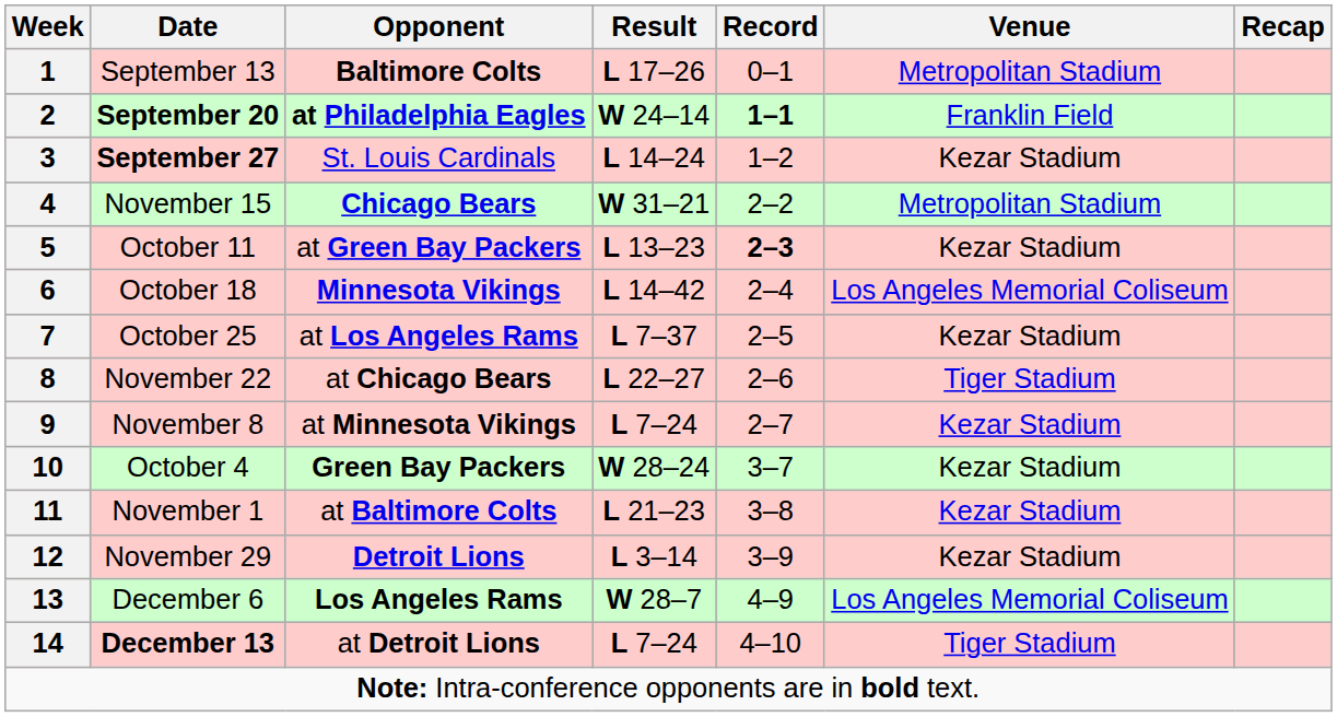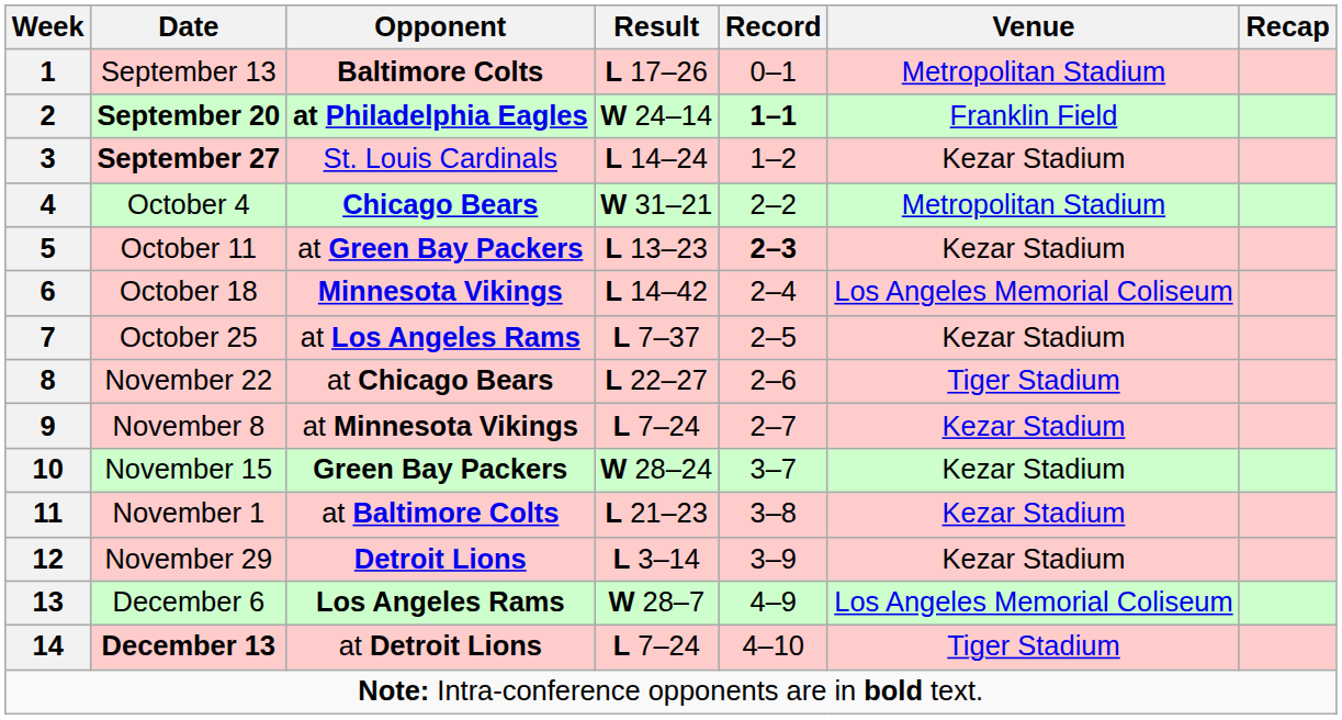 <table class="wikitable" style="text-align:center">
 <tr>
 <th>Week</th>
 <th>Date</th>
 <th>Opponent</th>
 <th>Result</th>
 <th>Record</th>
 <th>Venue</th>
 <th>Recap</th>
 </tr>
 <tr style="background:#fcc">
 <th>1</th>
 <td>September 13</td>
 <td><strong>Baltimore Colts</strong></td>
 <td><strong>L</strong> 17–26</td>
 <td>0–1</td>
 <td><a href='#'>Metropolitan Stadium</a></td>
 <td></td>
 </tr>
 <tr style="background:#cfc">
 <th>2</th>
 <td><strong>September 20</strong></td>
 <td><strong>at <a href='#'>Philadelphia Eagles</a></strong></td>
 <td><strong>W</strong> 24–14</td>
 <td><strong>1–1</strong></td>
 <td><a href='#'>Franklin Field</a></td>
 <td></td>
 </tr>
 <tr style="background:#fcc">
 <th>3</th>
 <td><strong>September 27</strong></td>
 <td><a href='#'>St. Louis Cardinals</a></td>
 <td><strong>L</strong> 14–24</td>
 <td>1–2</td>
 <td>Kezar Stadium</td>
 <td></td>
 </tr>
 <tr style="background:#cfc">
 <th>4</th>
-<td>November 15</td>
+<td>October 4</td>
 <td><strong><a href='#'>Chicago Bears</a></strong></td>
 <td><strong>W</strong> 31–21</td>
 <td>2–2</td>
 <td><a href='#'>Metropolitan Stadium</a></td>
 <td></td>
 </tr>
 <tr style="background:#fcc">
 <th>5</th>
 <td>October 11</td>
 <td>at <strong><a href='#'>Green Bay Packers</a></strong></td>
 <td><strong>L</strong> 13–23</td>
 <td><strong>2–3</strong></td>
 <td>Kezar Stadium</td>
 <td></td>
 </tr>
 <tr style="background:#fcc">
 <th>6</th>
 <td>October 18</td>
 <td><strong><a href='#'>Minnesota Vikings</a></strong></td>
 <td><strong>L</strong> 14–42</td>
 <td>2–4</td>
 <td><a href='#'>Los Angeles Memorial Coliseum</a></td>
 <td></td>
 </tr>
 <tr style="background:#fcc">
 <th>7</th>
 <td>October 25</td>
 <td>at <strong><a href='#'>Los Angeles Rams</a></strong></td>
 <td><strong>L</strong> 7–37</td>
 <td>2–5</td>
 <td>Kezar Stadium</td>
 <td></td>
 </tr>
 <tr style="background:#fcc">
 <th>8</th>
 <td>November 22</td>
 <td>at <strong>Chicago Bears</strong></td>
 <td><strong>L</strong>  22–27</td>
 <td>2–6</td>
 <td><a href='#'>Tiger Stadium</a></td>
 <td></td>
 </tr>
 <tr style="background:#fcc">
 <th>9</th>
 <td>November 8</td>
 <td>at <strong>Minnesota Vikings</strong></td>
 <td><strong>L</strong> 7–24</td>
 <td>2–7</td>
 <td><a href='#'>Kezar Stadium</a></td>
 <td></td>
 </tr>
 <tr style="background:#cfc">
 <th>10</th>
-<td>October 4</td>
+<td>November 15</td>
 <td><strong>Green Bay Packers</strong></td>
 <td><strong>W</strong> 28–24</td>
 <td>3–7</td>
 <td>Kezar Stadium</td>
 <td></td>
 </tr>
 <tr style="background:#fcc">
 <th>11</th>
 <td>November 1</td>
 <td>at <strong><a href='#'>Baltimore Colts</a></strong></td>
 <td><strong>L</strong> 21–23</td>
 <td>3–8</td>
 <td><a href='#'>Kezar Stadium</a></td>
 <td></td>
 </tr>
 <tr style="background:#fcc">
 <th>12</th>
 <td>November 29</td>
 <td><strong><a href='#'>Detroit Lions</a></strong></td>
 <td><strong>L</strong> 3–14</td>
 <td>3–9</td>
 <td>Kezar Stadium</td>
 <td></td>
 </tr>
 <tr style="background:#cfc">
 <th>13</th>
 <td>December 6</td>
 <td><strong>Los Angeles Rams</strong></td>
 <td><strong>W</strong> 28–7</td>
 <td>4–9</td>
 <td><a href='#'>Los Angeles Memorial Coliseum</a></td>
 <td></td>
 </tr>
 <tr style="background:#fcc">
 <th>14</th>
 <td><strong>December 13</strong></td>
 <td>at <strong>Detroit Lions</strong></td>
 <td><strong>L</strong> 7–24</td>
 <td>4–10</td>
 <td><a href='#'>Tiger Stadium</a></td>
 <td></td>
 </tr>
 <tr>
 <td colspan="8"><strong>Note:</strong> Intra-conference opponents are in <strong>bold</strong> text.</td>
 </tr>
 </table>
